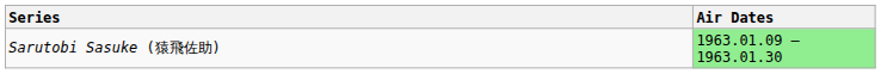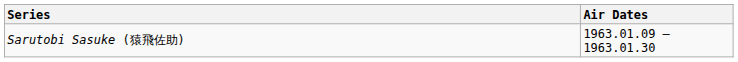 <table class="wikitable" border="1">
 <tr>
 <th width="620" style="text-align:left;">Series</th>
 <th width="160" style="text-align:left;">Air Dates</th>
 </tr>
 <tr>
 <td><em>Sarutobi Sasuke</em> (猿飛佐助)</td>
-<td style="background: lightgreen;">1963.01.09 – 1963.01.30</td>
+<td>1963.01.09 – 1963.01.30</td>
 </tr>
 </table>
